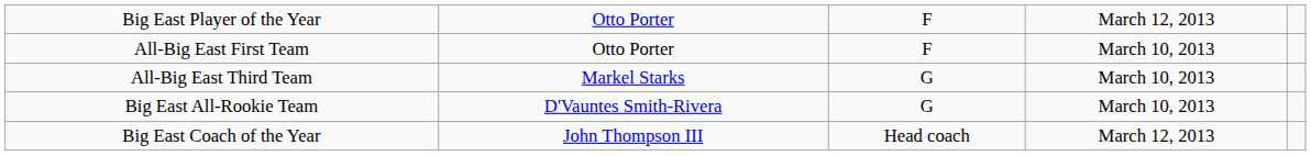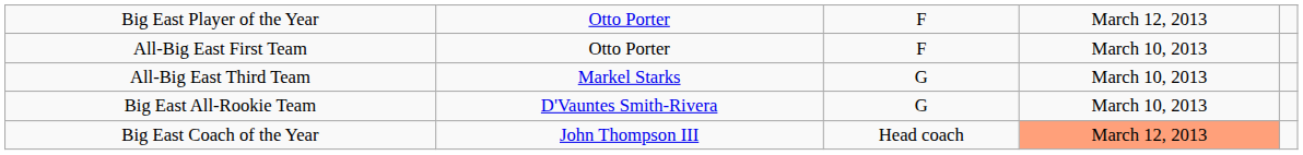 <table class="wikitable" style="width: 90%;text-align: center;">
 <tr align="center">
 <td rowspan="1">Big East Player of the Year</td>
 <td><a href='#'>Otto Porter</a></td>
 <td>F</td>
 <td>March 12, 2013</td>
 <td></td>
 </tr>
 <tr align="center">
 <td rowspan="1">All-Big East First Team</td>
 <td>Otto Porter</td>
 <td>F</td>
 <td>March 10, 2013</td>
 <td></td>
 </tr>
 <tr align="center">
 <td rowspan="1">All-Big East Third Team</td>
 <td><a href='#'>Markel Starks</a></td>
 <td>G</td>
 <td>March 10, 2013</td>
 <td></td>
 </tr>
 <tr align="center">
 <td rowspan="1">Big East All-Rookie Team</td>
 <td><a href='#'>D'Vauntes Smith-Rivera</a></td>
 <td>G</td>
 <td>March 10, 2013</td>
 <td></td>
 </tr>
 <tr align="center">
 <td rowspan="1">Big East Coach of the Year</td>
 <td><a href='#'>John Thompson III</a></td>
 <td>Head coach</td>
-<td>March 12, 2013</td>
+<td style="background: lightsalmon;">March 12, 2013</td>
 <td></td>
 </tr>
 </table>
